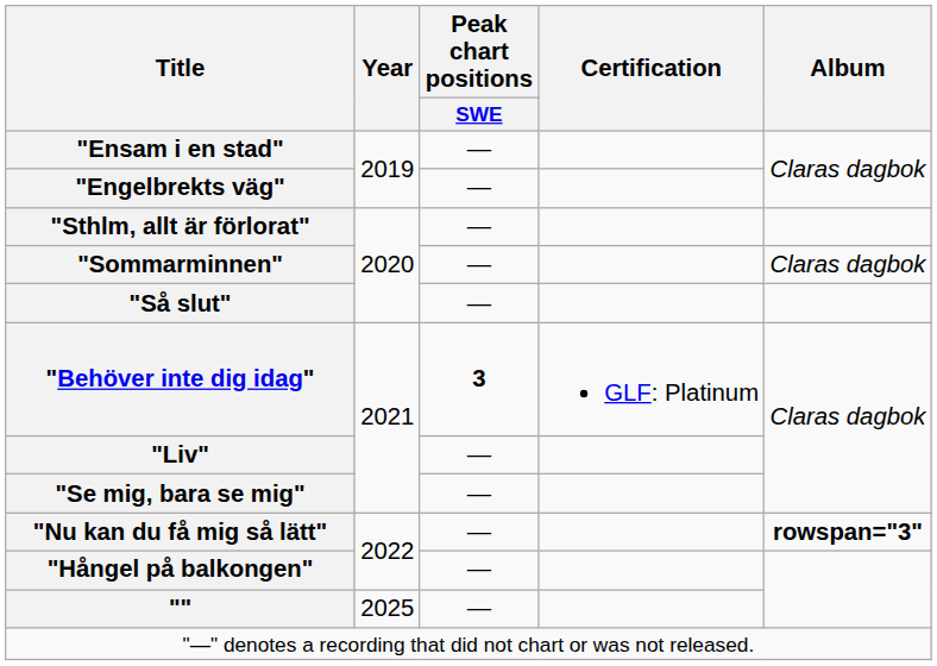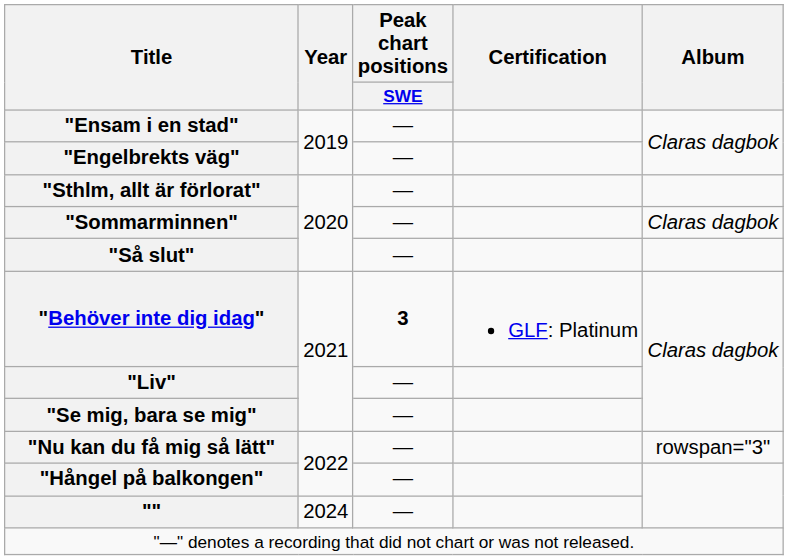 <table class="wikitable plainrowheaders" style="text-align:center;">
 <tr>
 <th scope="col" rowspan="2" style="width:14em;">Title</th>
 <th scope="col" rowspan="2" style="width:1em;">Year</th>
 <th scope="col" colspan="1">Peak chart positions</th>
 <th scope="col" rowspan="2">Certification</th>
 <th scope="col" rowspan="2">Album</th>
 </tr>
 <tr>
 <th scope="col" style="width:3em;font-size:85%;"><a href='#'>SWE</a><br></th>
 </tr>
 <tr>
 <th scope="row">"Ensam i en stad"</th>
 <td rowspan="2">2019</td>
 <td>—</td>
 <td></td>
 <td rowspan="2"><em>Claras dagbok</em></td>
 </tr>
 <tr>
 <th scope="row">"Engelbrekts väg"</th>
 <td>—</td>
 <td></td>
 </tr>
 <tr>
 <th scope="row">"Sthlm, allt är förlorat"</th>
 <td rowspan="3">2020</td>
 <td>—</td>
 <td></td>
 <td></td>
 </tr>
 <tr>
 <th scope="row">"Sommarminnen"</th>
 <td>—</td>
 <td></td>
 <td><em>Claras dagbok</em></td>
 </tr>
 <tr>
 <th scope="row">"Så slut"</th>
 <td>—</td>
 <td></td>
 <td></td>
 </tr>
 <tr>
 <th scope="row">"<a href='#'>Behöver inte dig idag</a>"</th>
 <td rowspan="3">2021</td>
 <td><strong>3</strong></td>
 <td><br><ul><li><a href='#'>GLF</a>: Platinum</li></ul></td>
 <td rowspan="3"><em>Claras dagbok</em></td>
 </tr>
 <tr>
 <th scope="row">"Liv"</th>
 <td>—</td>
 <td></td>
 </tr>
 <tr>
 <th scope="row">"Se mig, bara se mig"</th>
 <td>—</td>
 <td></td>
 </tr>
 <tr>
 <th scope="row">"Nu kan du få mig så lätt"</th>
 <td rowspan="2">2022</td>
 <td>—</td>
 <td></td>
-<td><strong>rowspan="3" </strong></td>
+<td>rowspan="3" </td>
 </tr>
 <tr>
 <th scope="row">"Hångel på balkongen"</th>
 <td>—</td>
 <td></td>
 </tr>
 <tr>
 <th scope="row">""</th>
-<td>2025</td>
+<td>2024</td>
 <td>—</td>
 <td></td>
 </tr>
 <tr>
 <td colspan="10" style="font-size:85%">"—" denotes a recording that did not chart or was not released.</td>
 </tr>
 </table>
